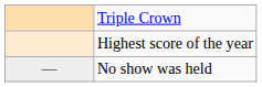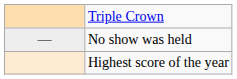 <table class="wikitable" style="font-size:90%;">
 <tr>
 <td width="75px" style="font-weight: bold; background: navajowhite;" align="center"></td>
 <td><a href='#'>Triple Crown</a></td>
 </tr>
 <tr>
+<td width="75px" style="background:#eee;" align="center">—</td>
+<td>No show was held</td>
+</tr>
+<tr>
 <td width="75px" style="background: #ffebd2;"></td>
 <td>Highest score of the year</td>
 </tr>
-<tr>
-<td width="75px" style="background:#eee;" align="center">—</td>
-<td>No show was held</td>
-</tr>
 </table>
